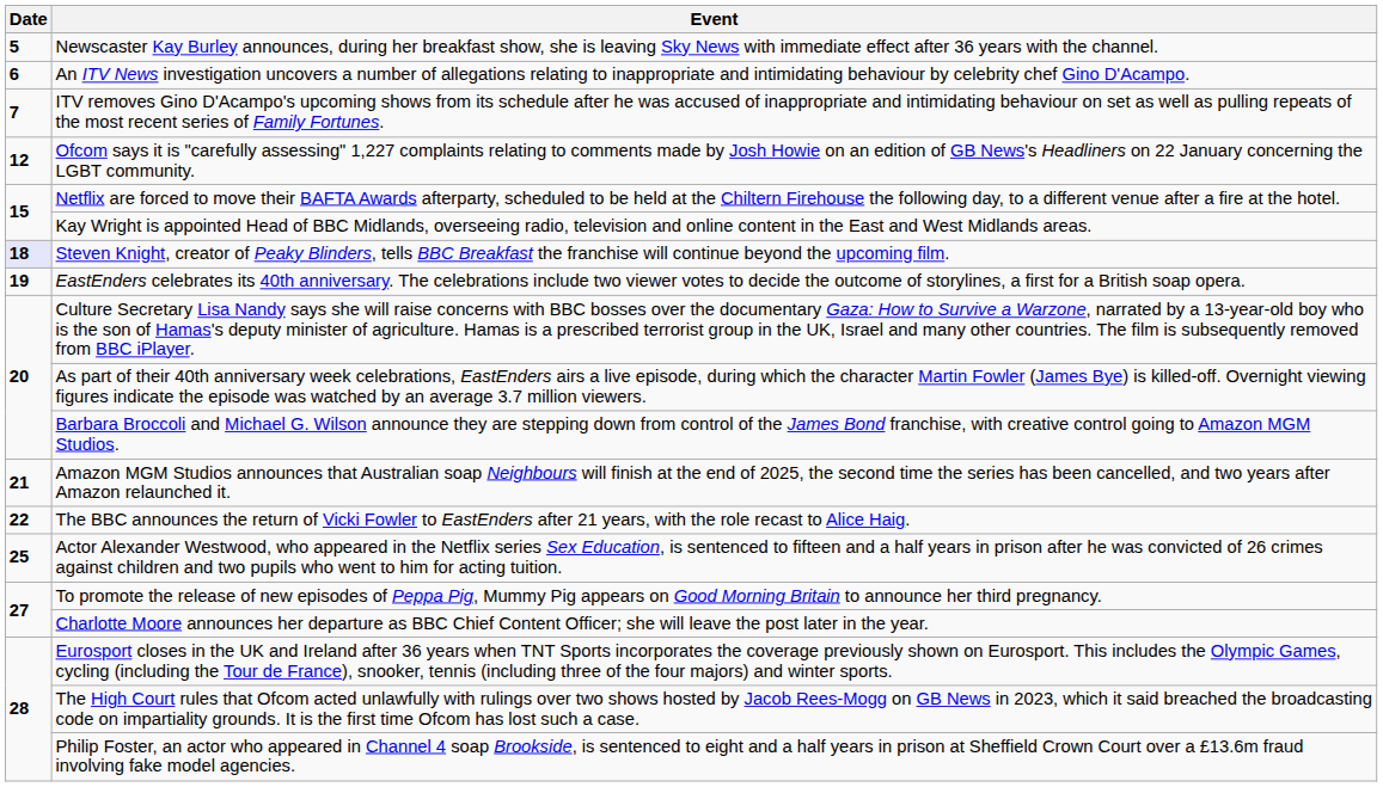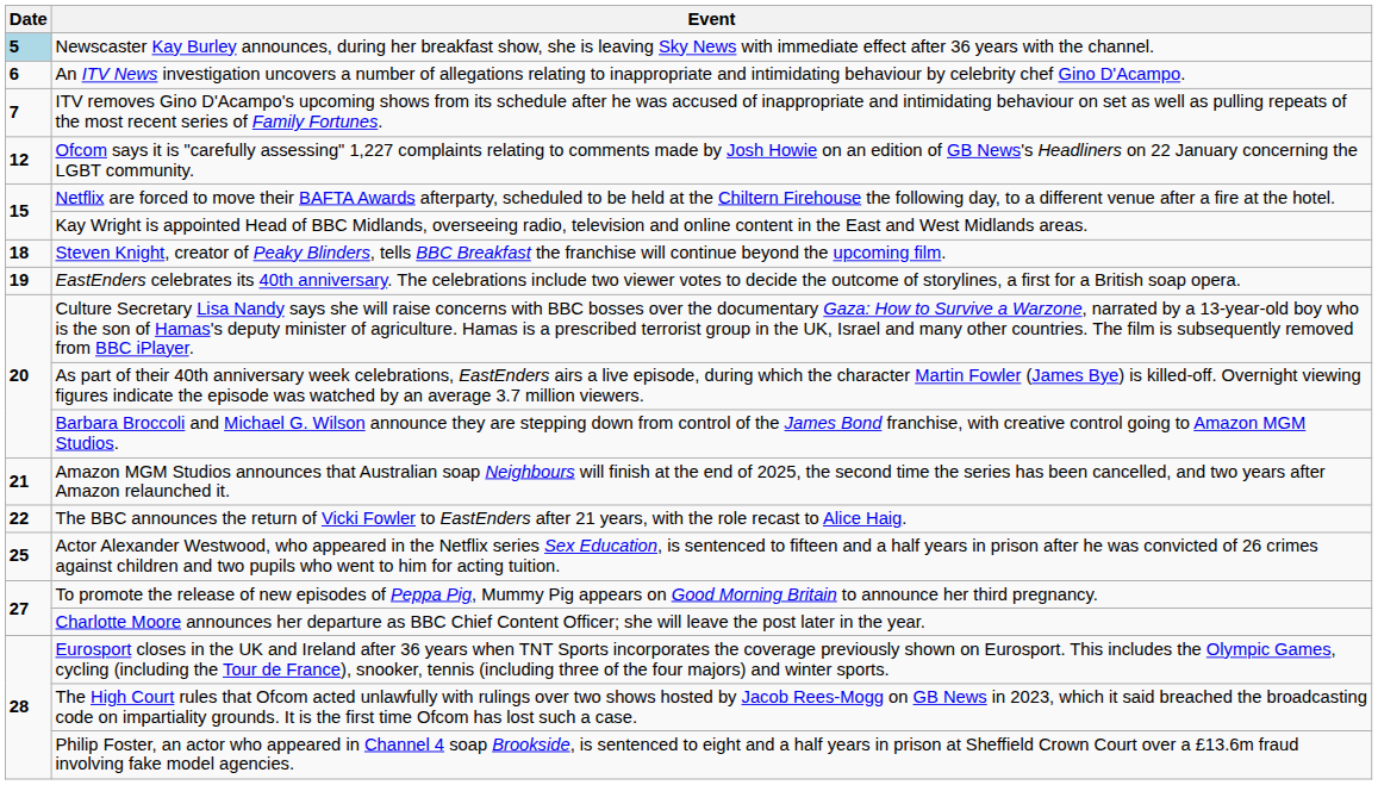 <table class="wikitable sticky-header">
 <tr>
 <th>Date</th>
 <th>Event</th>
 </tr>
 <tr>
-<td><strong>5</strong></td>
+<td style="background: lightblue;"><strong>5</strong></td>
 <td>Newscaster <a href='#'>Kay Burley</a> announces, during her breakfast show, she is leaving <a href='#'>Sky News</a> with immediate effect after 36 years with the channel.</td>
 </tr>
 <tr>
 <td><strong>6</strong></td>
 <td>An <em><a href='#'>ITV News</a></em> investigation uncovers a number of allegations relating to inappropriate and intimidating behaviour by celebrity chef <a href='#'>Gino D'Acampo</a>.</td>
 </tr>
 <tr>
 <td><strong>7</strong></td>
 <td>ITV removes Gino D'Acampo's upcoming shows from its schedule after he was accused of inappropriate and intimidating behaviour on set as well as pulling repeats of the most recent series of <em><a href='#'>Family Fortunes</a></em>.</td>
 </tr>
 <tr>
 <td><strong>12</strong></td>
 <td><a href='#'>Ofcom</a> says it is "carefully assessing" 1,227 complaints relating to comments made by <a href='#'>Josh Howie</a> on an edition of <a href='#'>GB News</a>'s <em>Headliners</em> on 22 January concerning the LGBT community.</td>
 </tr>
 <tr>
 <td rowspan=2><strong>15</strong></td>
 <td><a href='#'>Netflix</a> are forced to move their <a href='#'>BAFTA Awards</a> afterparty, scheduled to be held at the <a href='#'>Chiltern Firehouse</a> the following day, to a different venue after a fire at the hotel.</td>
 </tr>
 <tr>
 <td>Kay Wright is appointed Head of BBC Midlands, overseeing radio, television and online content in the East and West Midlands areas.</td>
 </tr>
 <tr>
-<td style="background: lavender;"><strong>18</strong></td>
+<td><strong>18</strong></td>
 <td><a href='#'>Steven Knight</a>, creator of <em><a href='#'>Peaky Blinders</a></em>, tells <em><a href='#'>BBC Breakfast</a></em> the franchise will continue beyond the <a href='#'>upcoming film</a>.</td>
 </tr>
 <tr>
 <td><strong>19</strong></td>
 <td><em>EastEnders</em> celebrates its <a href='#'>40th anniversary</a>. The celebrations include two viewer votes to decide the outcome of storylines, a first for a British soap opera.</td>
 </tr>
 <tr>
 <td rowspan=3><strong>20</strong></td>
 <td>Culture Secretary <a href='#'>Lisa Nandy</a> says she will raise concerns with BBC bosses over the documentary <em><a href='#'>Gaza: How to Survive a Warzone</a></em>, narrated by a 13-year-old boy who is the son of <a href='#'>Hamas</a>'s deputy minister of agriculture. Hamas is a prescribed terrorist group in the UK, Israel and many other countries. The film is subsequently removed from <a href='#'>BBC iPlayer</a>.</td>
 </tr>
 <tr>
 <td>As part of their 40th anniversary week celebrations, <em>EastEnders</em> airs a live episode, during which the character <a href='#'>Martin Fowler</a> (<a href='#'>James Bye</a>) is killed-off. Overnight viewing figures indicate the episode was watched by an average 3.7 million viewers.</td>
 </tr>
 <tr>
 <td><a href='#'>Barbara Broccoli</a> and <a href='#'>Michael G. Wilson</a> announce they are stepping down from control of the <em><a href='#'>James Bond</a></em> franchise, with creative control going to <a href='#'>Amazon MGM Studios</a>.</td>
 </tr>
 <tr>
 <td><strong>21</strong></td>
 <td>Amazon MGM Studios announces that Australian soap <em><a href='#'>Neighbours</a></em> will finish at the end of 2025, the second time the series has been cancelled, and two years after Amazon relaunched it.</td>
 </tr>
 <tr>
 <td><strong>22</strong></td>
 <td>The BBC announces the return of <a href='#'>Vicki Fowler</a> to <em>EastEnders</em> after 21 years, with the role recast to <a href='#'>Alice Haig</a>.</td>
 </tr>
 <tr>
 <td><strong>25</strong></td>
 <td>Actor Alexander Westwood, who appeared in the Netflix series <em><a href='#'>Sex Education</a></em>, is sentenced to fifteen and a half years in prison after he was convicted of 26 crimes against children and two pupils who went to him for acting tuition.</td>
 </tr>
 <tr>
 <td rowspan="2"><strong>27</strong></td>
 <td>To promote the release of new episodes of <em><a href='#'>Peppa Pig</a></em>, Mummy Pig appears on <em><a href='#'>Good Morning Britain</a></em> to announce her third pregnancy.</td>
 </tr>
 <tr>
 <td><a href='#'>Charlotte Moore</a> announces her departure as BBC Chief Content Officer; she will leave the post later in the year.</td>
 </tr>
 <tr>
 <td rowspan=3><strong>28</strong></td>
 <td><a href='#'>Eurosport</a> closes in the UK and Ireland after 36 years when TNT Sports incorporates the coverage previously shown on Eurosport. This includes the <a href='#'>Olympic Games</a>, cycling (including the <a href='#'>Tour de France</a>), snooker, tennis (including three of the four majors) and winter sports.</td>
 </tr>
 <tr>
 <td>The <a href='#'>High Court</a> rules that Ofcom acted unlawfully with rulings over two shows hosted by <a href='#'>Jacob Rees-Mogg</a> on <a href='#'>GB News</a> in 2023, which it said breached the broadcasting code on impartiality grounds. It is the first time Ofcom has lost such a case.</td>
 </tr>
 <tr>
 <td>Philip Foster, an actor who appeared in <a href='#'>Channel 4</a> soap <em><a href='#'>Brookside</a></em>, is sentenced to eight and a half years in prison at Sheffield Crown Court over a £13.6m fraud involving fake model agencies.</td>
 </tr>
 </table>
